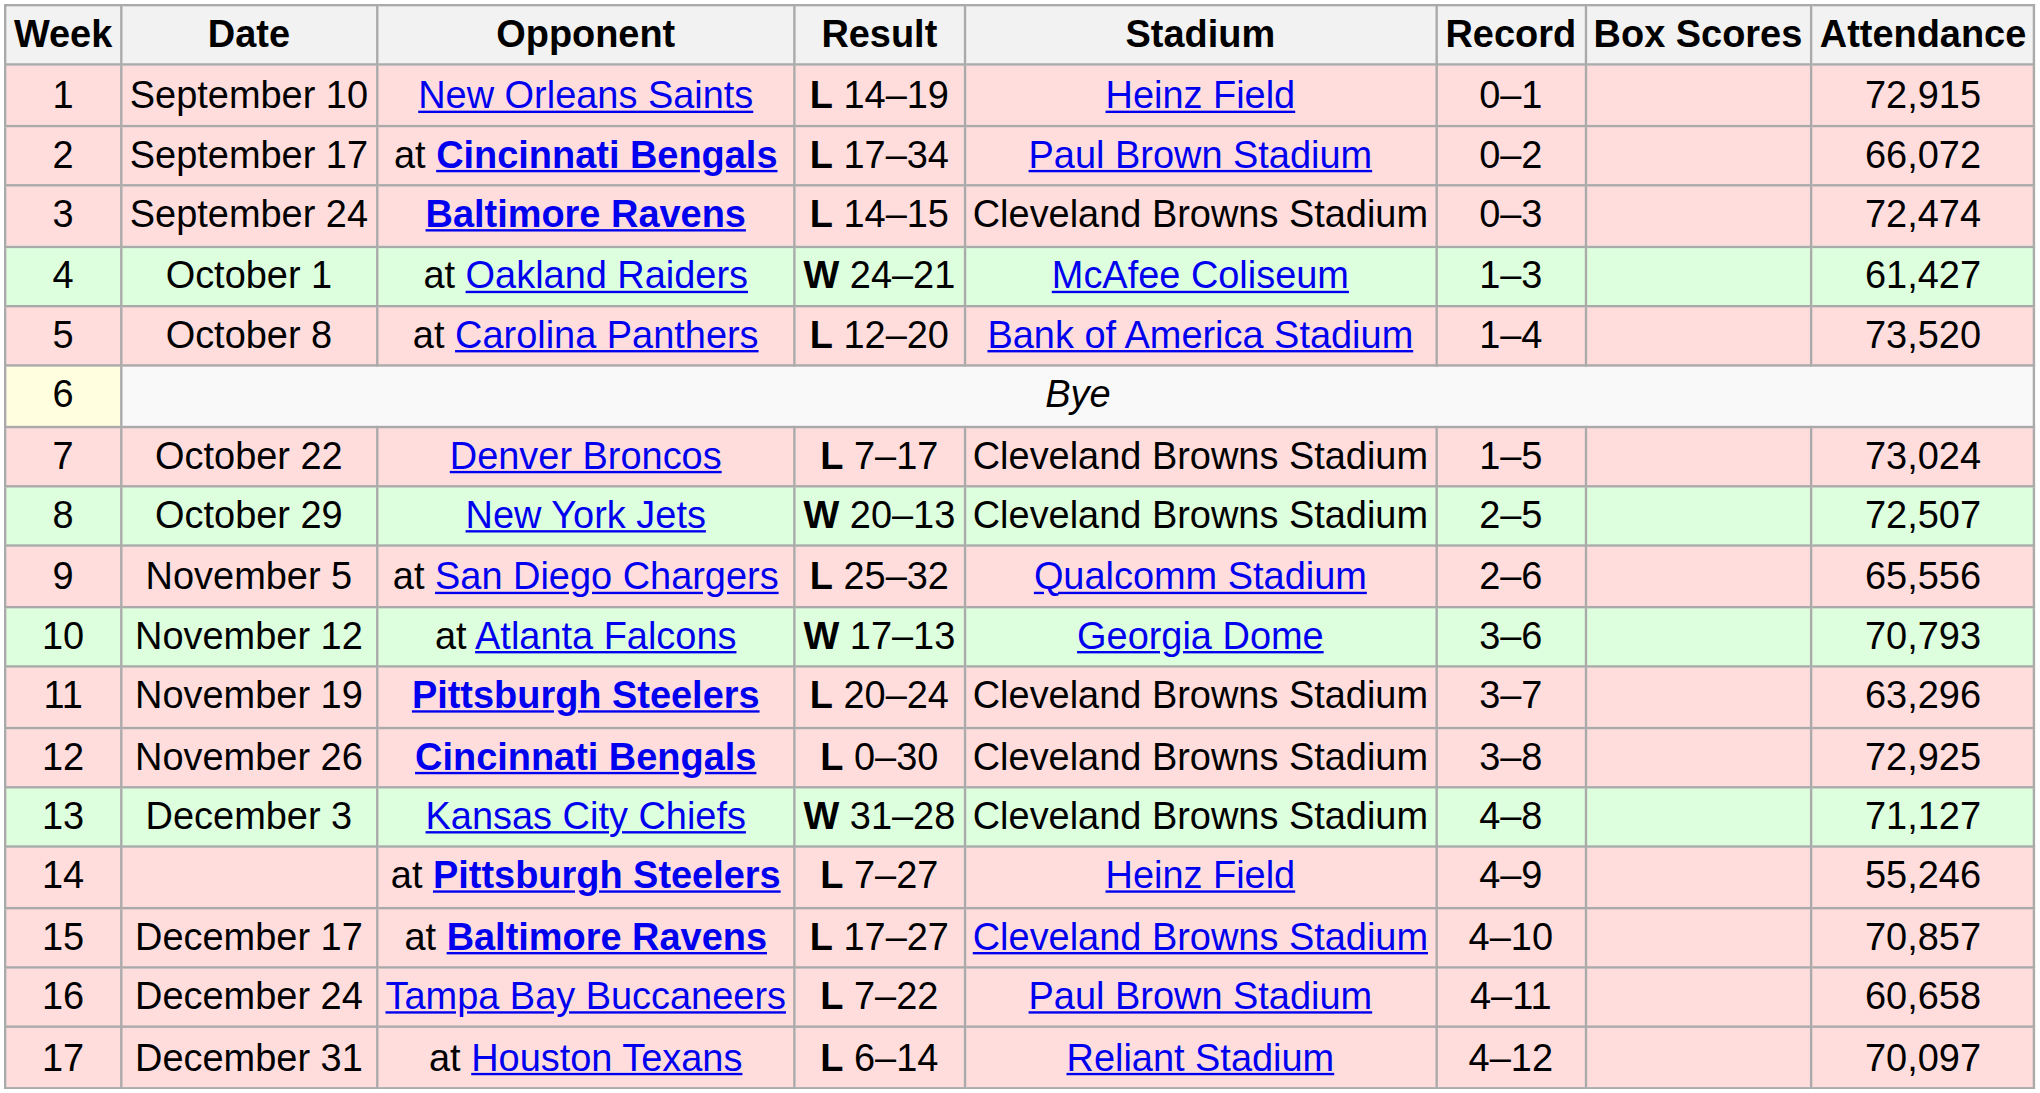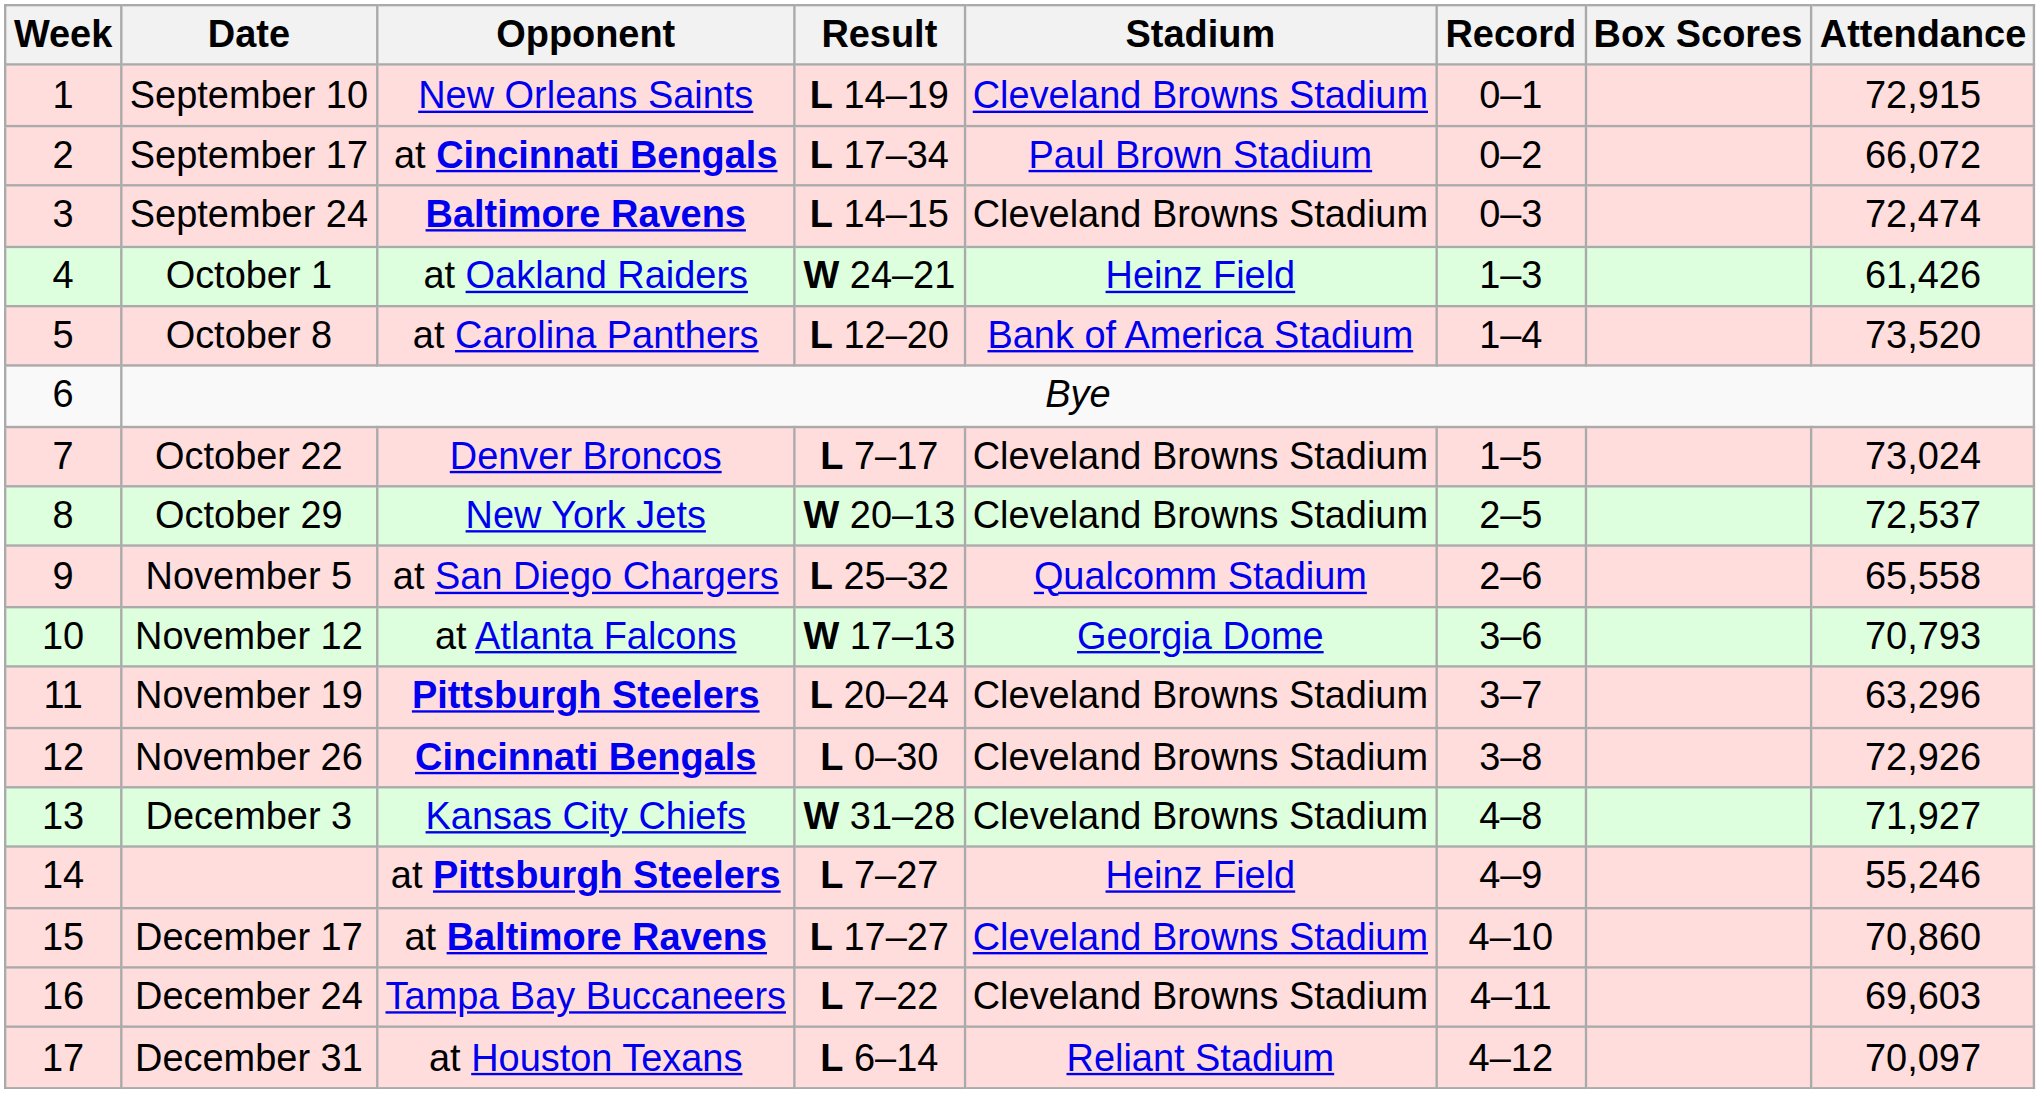 <table class="wikitable" style="text-align:center">
 <tr>
 <th>Week</th>
 <th>Date</th>
 <th>Opponent</th>
 <th>Result</th>
 <th>Stadium</th>
 <th>Record</th>
 <th>Box Scores</th>
 <th>Attendance</th>
 </tr>
 <tr style="background: #ffdddd;">
 <td align="center">1</td>
 <td>September 10</td>
 <td><a href='#'>New Orleans Saints</a></td>
 <td><strong>L</strong> 14–19</td>
-<td><a href='#'>Heinz Field</a></td>
+<td><a href='#'>Cleveland Browns Stadium</a></td>
 <td align="center">0–1</td>
 <td></td>
 <td align="center">72,915</td>
 </tr>
 <tr style="background: #ffdddd;">
 <td align="center">2</td>
 <td>September 17</td>
 <td>at <strong><a href='#'>Cincinnati Bengals</a></strong></td>
 <td><strong>L</strong> 17–34</td>
 <td><a href='#'>Paul Brown Stadium</a></td>
 <td align="center">0–2</td>
 <td></td>
 <td align="center">66,072</td>
 </tr>
 <tr style="background: #ffdddd;">
 <td align="center">3</td>
 <td>September 24</td>
 <td><strong><a href='#'>Baltimore Ravens</a></strong></td>
 <td><strong>L</strong> 14–15</td>
 <td>Cleveland Browns Stadium</td>
 <td align="center">0–3</td>
 <td></td>
 <td align="center">72,474</td>
 </tr>
 <tr style="background: #ddffdd;">
 <td align="center">4</td>
 <td>October 1</td>
 <td>at <a href='#'>Oakland Raiders</a></td>
 <td><strong>W</strong> 24–21</td>
-<td><a href='#'>McAfee Coliseum</a></td>
+<td><a href='#'>Heinz Field</a></td>
 <td align="center">1–3</td>
 <td></td>
-<td align="center">61,427</td>
+<td align="center">61,426</td>
 </tr>
 <tr style="background: #ffdddd;">
 <td align="center">5</td>
 <td>October 8</td>
 <td>at <a href='#'>Carolina Panthers</a></td>
 <td><strong>L</strong> 12–20</td>
 <td><a href='#'>Bank of America Stadium</a></td>
 <td align="center">1–4</td>
 <td></td>
 <td align="center">73,520</td>
 </tr>
 <tr>
-<td align="center" style="background: lightyellow;">6</td>
+<td align="center">6</td>
 <td colspan="7" align="center"><em>Bye</em></td>
 </tr>
 <tr style="background: #ffdddd;">
 <td align="center">7</td>
 <td>October 22</td>
 <td><a href='#'>Denver Broncos</a></td>
 <td><strong>L</strong> 7–17</td>
 <td>Cleveland Browns Stadium</td>
 <td align="center">1–5</td>
 <td></td>
 <td align="center">73,024</td>
 </tr>
 <tr style="background: #ddffdd;">
 <td align="center">8</td>
 <td>October 29</td>
 <td><a href='#'>New York Jets</a></td>
 <td><strong>W</strong> 20–13</td>
 <td>Cleveland Browns Stadium</td>
 <td align="center">2–5</td>
 <td></td>
-<td align="center">72,507</td>
+<td align="center">72,537</td>
 </tr>
 <tr style="background: #ffdddd;">
 <td align="center">9</td>
 <td>November 5</td>
 <td>at <a href='#'>San Diego Chargers</a></td>
 <td><strong>L</strong> 25–32</td>
 <td><a href='#'>Qualcomm Stadium</a></td>
 <td align="center">2–6</td>
 <td></td>
-<td align="center">65,556</td>
+<td align="center">65,558</td>
 </tr>
 <tr style="background: #ddffdd;">
 <td align="center">10</td>
 <td>November 12</td>
 <td>at <a href='#'>Atlanta Falcons</a></td>
 <td><strong>W</strong> 17–13</td>
 <td><a href='#'>Georgia Dome</a></td>
 <td align="center">3–6</td>
 <td></td>
 <td align="center">70,793</td>
 </tr>
 <tr style="background: #ffdddd;">
 <td align="center">11</td>
 <td>November 19</td>
 <td><strong><a href='#'>Pittsburgh Steelers</a></strong></td>
 <td><strong>L</strong> 20–24</td>
 <td>Cleveland Browns Stadium</td>
 <td align="center">3–7</td>
 <td></td>
 <td align="center">63,296</td>
 </tr>
 <tr style="background: #ffdddd;">
 <td align="center">12</td>
 <td>November 26</td>
 <td><strong><a href='#'>Cincinnati Bengals</a></strong></td>
 <td><strong>L</strong> 0–30</td>
 <td>Cleveland Browns Stadium</td>
 <td align="center">3–8</td>
 <td></td>
-<td align="center">72,925</td>
+<td align="center">72,926</td>
 </tr>
 <tr style="background: #ddffdd;">
 <td align="center">13</td>
 <td>December 3</td>
 <td><a href='#'>Kansas City Chiefs</a></td>
 <td><strong>W</strong> 31–28</td>
 <td>Cleveland Browns Stadium</td>
 <td align="center">4–8</td>
 <td></td>
-<td align="center">71,127</td>
+<td align="center">71,927</td>
 </tr>
 <tr style="background: #ffdddd;">
 <td align="center">14</td>
 <td></td>
 <td>at <strong><a href='#'>Pittsburgh Steelers</a></strong></td>
 <td><strong>L</strong> 7–27</td>
 <td><a href='#'>Heinz Field</a></td>
 <td align="center">4–9</td>
 <td></td>
 <td align="center">55,246</td>
 </tr>
 <tr style="background: #ffdddd;">
 <td align="center">15</td>
 <td>December 17</td>
 <td>at <strong><a href='#'>Baltimore Ravens</a></strong></td>
 <td><strong>L</strong> 17–27</td>
 <td><a href='#'>Cleveland Browns Stadium</a></td>
 <td align="center">4–10</td>
 <td></td>
-<td align="center">70,857</td>
+<td align="center">70,860</td>
 </tr>
 <tr style="background: #ffdddd;">
 <td align="center">16</td>
 <td>December 24</td>
 <td><a href='#'>Tampa Bay Buccaneers</a></td>
 <td><strong>L</strong> 7–22</td>
-<td><a href='#'>Paul Brown Stadium</a></td>
+<td>Cleveland Browns Stadium</td>
 <td align="center">4–11</td>
 <td></td>
-<td align="center">60,658</td>
+<td align="center">69,603</td>
 </tr>
 <tr style="background: #ffdddd;">
 <td align="center">17</td>
 <td>December 31</td>
 <td>at <a href='#'>Houston Texans</a></td>
 <td><strong>L</strong> 6–14</td>
 <td><a href='#'>Reliant Stadium</a></td>
 <td align="center">4–12</td>
 <td></td>
 <td align="center">70,097</td>
 </tr>
 </table>
